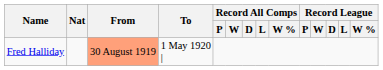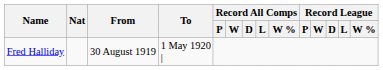 <table class="wikitable" style="text-align: center">
 <tr>
 <th rowspan="2">Name</th>
 <th rowspan="2">Nat</th>
 <th rowspan="2">From</th>
 <th rowspan="2">To</th>
 <th colspan="5">Record All Comps</th>
 <th colspan="5">Record League</th>
 </tr>
 <tr>
 <th>P</th>
 <th>W</th>
 <th>D</th>
 <th>L</th>
 <th>W %</th>
 <th>P</th>
 <th>W</th>
 <th>D</th>
 <th>L</th>
 <th>W %</th>
 </tr>
 <tr>
 <td align="left"><a href='#'>Fred Halliday</a></td>
 <td></td>
-<td align="left" style="background: lightsalmon;">30 August 1919</td>
+<td align="left">30 August 1919</td>
 <td align="left">1 May 1920<br>| </td>
 </tr>
 </table>
